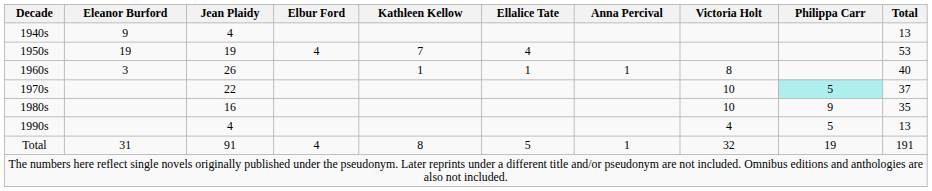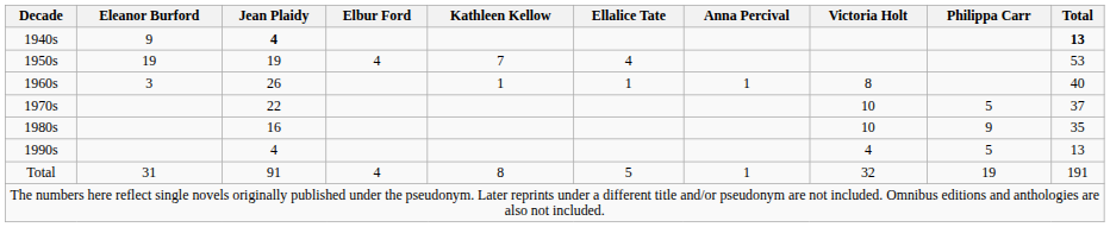 <table class="wikitable" style="text-align: center;">
 <tr>
 <th>Decade</th>
 <th>Eleanor Burford</th>
 <th>Jean Plaidy</th>
 <th>Elbur Ford</th>
 <th>Kathleen Kellow</th>
 <th>Ellalice Tate</th>
 <th>Anna Percival</th>
 <th>Victoria Holt</th>
 <th>Philippa Carr</th>
 <th>Total</th>
 </tr>
 <tr>
 <td>1940s</td>
 <td>9</td>
-<td>4</td>
+<td><strong>4</strong></td>
 <td></td>
 <td></td>
 <td></td>
 <td></td>
 <td></td>
 <td></td>
-<td>13</td>
+<td><strong>13</strong></td>
 </tr>
 <tr>
 <td>1950s</td>
 <td>19</td>
 <td>19</td>
 <td>4</td>
 <td>7</td>
 <td>4</td>
 <td></td>
 <td></td>
 <td></td>
 <td>53</td>
 </tr>
 <tr>
 <td>1960s</td>
 <td>3</td>
 <td>26</td>
 <td></td>
 <td>1</td>
 <td>1</td>
 <td>1</td>
 <td>8</td>
 <td></td>
 <td>40</td>
 </tr>
 <tr>
 <td>1970s</td>
 <td></td>
 <td>22</td>
 <td></td>
 <td></td>
 <td></td>
 <td></td>
 <td>10</td>
-<td style="background: paleturquoise;">5</td>
+<td>5</td>
 <td>37</td>
 </tr>
 <tr>
 <td>1980s</td>
 <td></td>
 <td>16</td>
 <td></td>
 <td></td>
 <td></td>
 <td></td>
 <td>10</td>
 <td>9</td>
 <td>35</td>
 </tr>
 <tr>
 <td>1990s</td>
 <td></td>
 <td>4</td>
 <td></td>
 <td></td>
 <td></td>
 <td></td>
 <td>4</td>
 <td>5</td>
 <td>13</td>
 </tr>
 <tr>
 <td>Total</td>
 <td>31</td>
 <td>91</td>
 <td>4</td>
 <td>8</td>
 <td>5</td>
 <td>1</td>
 <td>32</td>
 <td>19</td>
 <td>191</td>
 </tr>
 <tr>
 <td COLSPAN=10>The numbers here reflect single novels originally published under the pseudonym. Later reprints under a different title and/or pseudonym are not included. Omnibus editions and anthologies are also not included.</td>
 </tr>
 </table>
